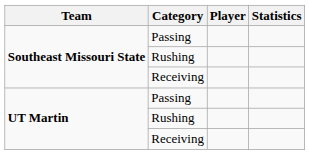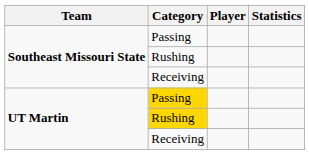 <table class="wikitable" style="float: right;">
 <tr>
 <th>Team</th>
 <th>Category</th>
 <th>Player</th>
 <th>Statistics</th>
 </tr>
 <tr>
 <td rowspan=3><strong>Southeast Missouri State</strong></td>
 <td>Passing</td>
 <td></td>
 <td></td>
 </tr>
 <tr>
 <td>Rushing</td>
 <td></td>
 <td></td>
 </tr>
 <tr>
 <td>Receiving</td>
 <td></td>
 <td></td>
 </tr>
 <tr>
 <td rowspan=3><strong>UT Martin</strong></td>
-<td>Passing</td>
+<td style="background: gold;">Passing</td>
 <td></td>
 <td></td>
 </tr>
 <tr>
-<td>Rushing</td>
+<td style="background: gold;">Rushing</td>
 <td></td>
 <td></td>
 </tr>
 <tr>
 <td>Receiving</td>
 <td></td>
 <td></td>
 </tr>
 </table>
